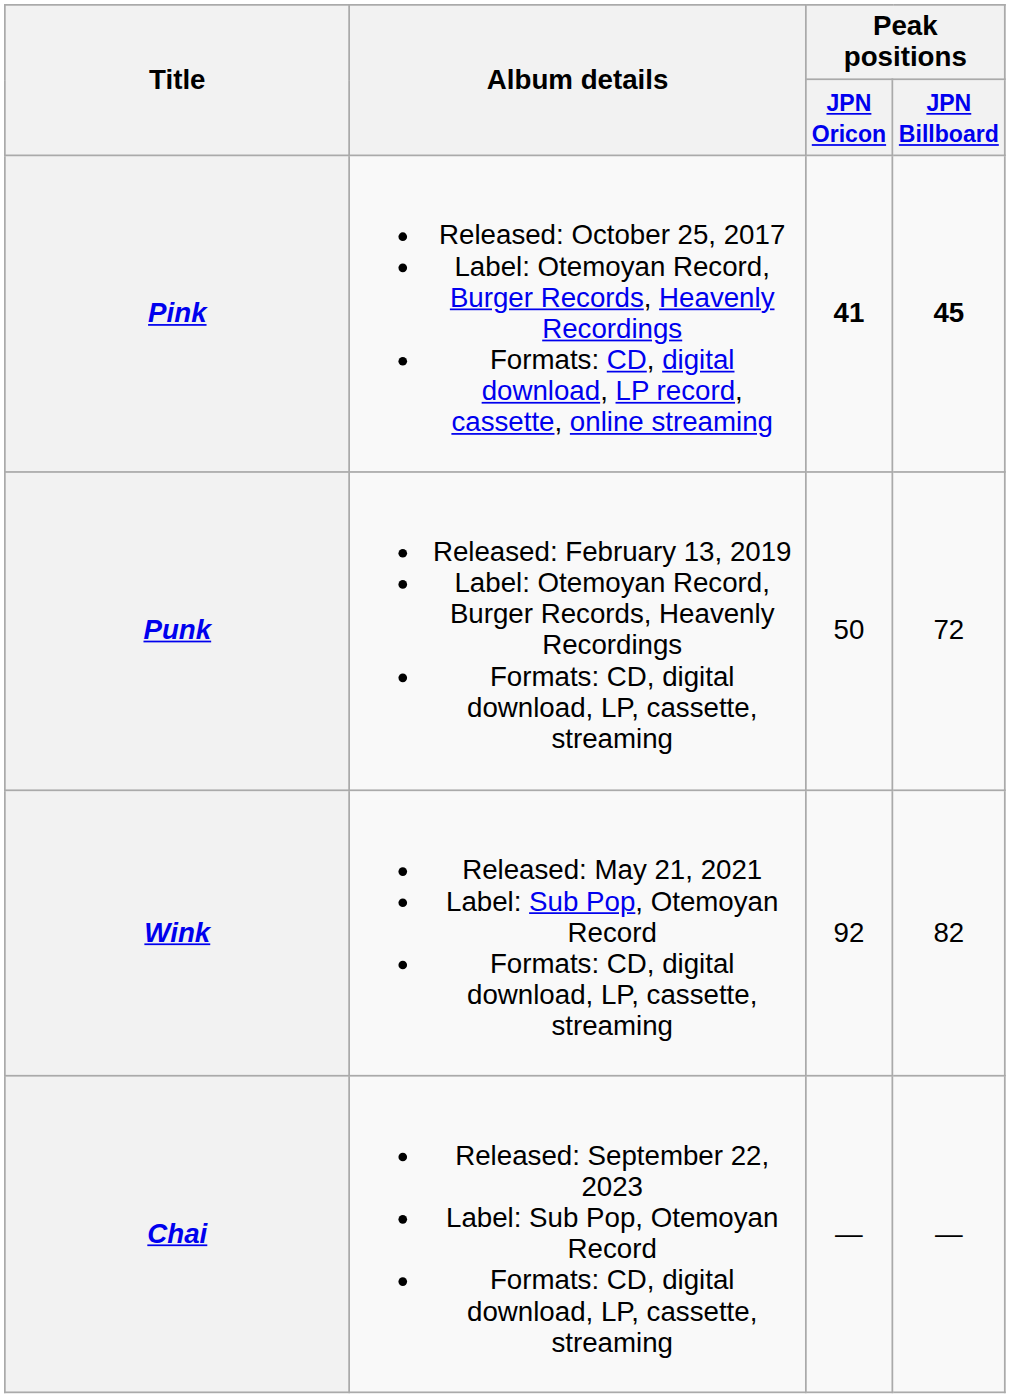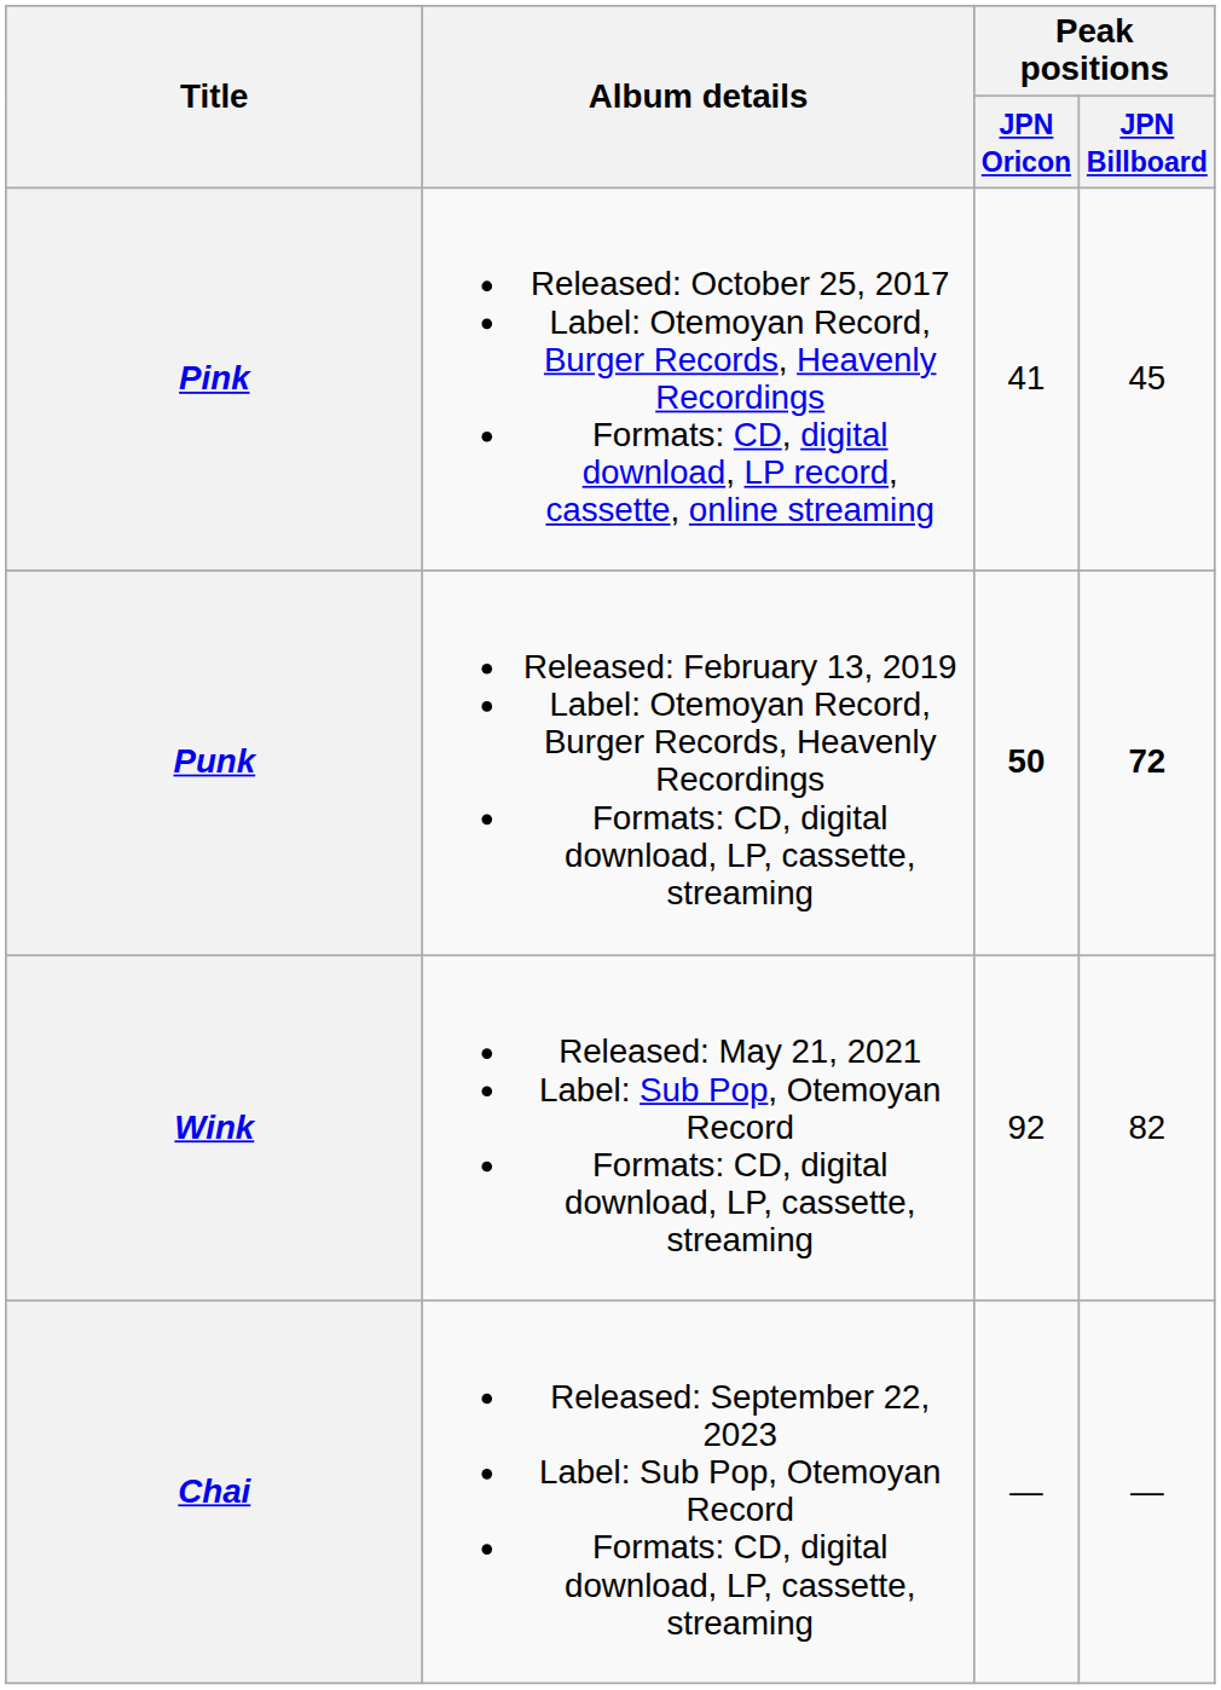 <table class="wikitable plainrowheaders" style="text-align:center;">
 <tr>
 <th style="width:12em;" rowspan="2">Title</th>
 <th style="width:16em;" rowspan="2">Album details</th>
 <th colspan="2">Peak positions</th>
 </tr>
 <tr>
 <th style="width:2.5em;"><small><a href='#'>JPN<br>Oricon</a></small><br></th>
 <th style="width:2.5em;"><small><a href='#'>JPN<br>Billboard</a></small><br></th>
 </tr>
 <tr>
 <th scope="row"><em><a href='#'>Pink</a></em></th>
 <td><br><ul><li>Released: October 25, 2017</li><li>Label: Otemoyan Record, <a href='#'>Burger Records</a>, <a href='#'>Heavenly Recordings</a></li><li>Formats: <a href='#'>CD</a>, <a href='#'>digital download</a>, <a href='#'>LP record</a>, <a href='#'>cassette</a>, <a href='#'>online streaming</a></li></ul></td>
-<td><strong>41</strong></td>
-<td><strong>45</strong></td>
+<td>41</td>
+<td>45</td>
 </tr>
 <tr>
 <th scope="row"><em><a href='#'>Punk</a></em></th>
 <td><br><ul><li>Released: February 13, 2019</li><li>Label: Otemoyan Record, Burger Records, Heavenly Recordings</li><li>Formats: CD, digital download, LP, cassette, streaming</li></ul></td>
-<td>50</td>
-<td>72</td>
+<td><strong>50</strong></td>
+<td><strong>72</strong></td>
 </tr>
 <tr>
 <th scope="row"><em><a href='#'>Wink</a></em></th>
 <td><br><ul><li>Released: May 21, 2021</li><li>Label: <a href='#'>Sub Pop</a>, Otemoyan Record</li><li>Formats: CD, digital download, LP, cassette, streaming</li></ul></td>
 <td>92</td>
 <td>82</td>
 </tr>
 <tr>
 <th scope="row"><em><a href='#'>Chai</a></em></th>
 <td><br><ul><li>Released: September 22, 2023</li><li>Label: Sub Pop, Otemoyan Record</li><li>Formats: CD, digital download, LP, cassette, streaming</li></ul></td>
 <td>—</td>
 <td>—</td>
 </tr>
 </table>
